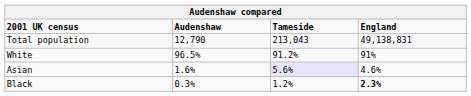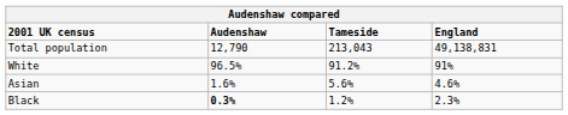 <table class="wikitable" style="float: right; margin-left: 2em; width: 40%; font-size: 90%;" cellspacing="3">
 <tr>
 <th colspan="4"><strong>Audenshaw compared</strong></th>
 </tr>
 <tr>
 <td><strong>2001 UK census</strong></td>
 <td><strong>Audenshaw</strong></td>
 <td><strong>Tameside</strong></td>
 <td><strong>England</strong></td>
 </tr>
 <tr>
 <td>Total population</td>
 <td>12,790</td>
 <td>213,043</td>
 <td>49,138,831</td>
 </tr>
 <tr>
 <td>White</td>
 <td>96.5%</td>
 <td>91.2%</td>
 <td>91%</td>
 </tr>
 <tr>
 <td>Asian</td>
 <td>1.6%</td>
-<td style="background: lavender;">5.6%</td>
+<td>5.6%</td>
 <td>4.6%</td>
 </tr>
 <tr>
 <td>Black</td>
-<td>0.3%</td>
+<td><strong>0.3%</strong></td>
 <td>1.2%</td>
-<td><strong>2.3%</strong></td>
+<td>2.3%</td>
 </tr>
 </table>
